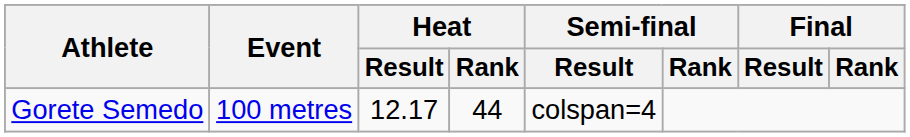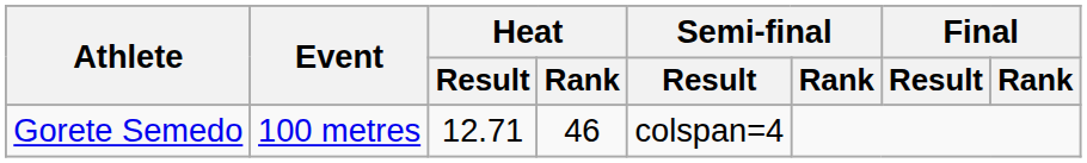 <table class="wikitable" style="font-size:90%">
 <tr>
 <th rowspan="2">Athlete</th>
 <th rowspan="2">Event</th>
 <th colspan="2">Heat</th>
 <th colspan="2">Semi-final</th>
 <th colspan="2">Final</th>
 </tr>
 <tr style="font-size:95%">
 <th>Result</th>
 <th>Rank</th>
 <th>Result</th>
 <th>Rank</th>
 <th>Result</th>
 <th>Rank</th>
 </tr>
 <tr style=text-align:center>
 <td style=text-align:left><a href='#'>Gorete Semedo</a></td>
 <td style=text-align:left><a href='#'>100 metres</a></td>
-<td>12.17</td>
-<td>44</td>
+<td>12.71</td>
+<td>46</td>
 <td>colspan=4</td>
 </tr>
 </table>
